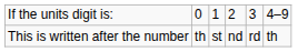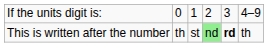 <table class="wikitable">
 <tr>
 <td>If the units digit is:</td>
 <td>0</td>
 <td>1</td>
 <td>2</td>
 <td>3</td>
 <td>4–9</td>
 </tr>
 <tr>
 <td>This is written after the number</td>
 <td>th</td>
 <td>st</td>
-<td>nd</td>
-<td>rd</td>
+<td style="background: lightgreen;">nd</td>
+<td><strong>rd</strong></td>
 <td>th</td>
 </tr>
 </table>
